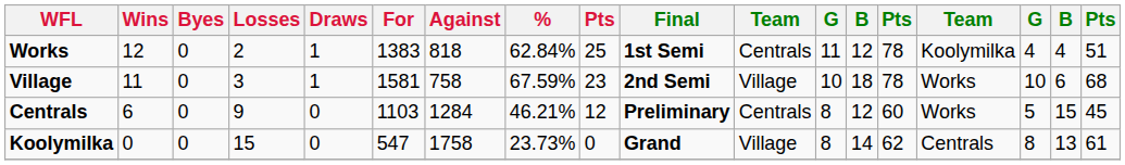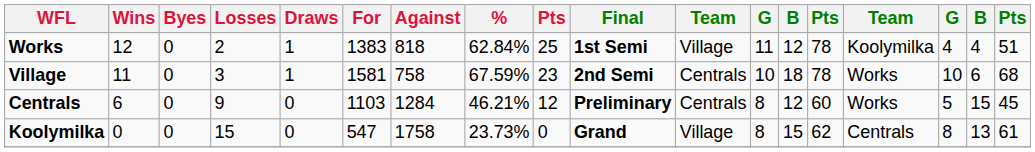 <table class="wikitable">
 <tr>
 <th style="color:crimson">WFL</th>
 <th style="color:crimson">Wins</th>
 <th style="color:crimson">Byes</th>
 <th style="color:crimson">Losses</th>
 <th style="color:crimson">Draws</th>
 <th style="color:crimson">For</th>
 <th style="color:crimson">Against</th>
 <th style="color:crimson">%</th>
 <th style="color:crimson">Pts</th>
 <th style="color:green">Final</th>
 <th style="color:green">Team</th>
 <th style="color:green">G</th>
 <th style="color:green">B</th>
 <th style="color:green">Pts</th>
 <th style="color:green">Team</th>
 <th style="color:green">G</th>
 <th style="color:green">B</th>
 <th style="color:green">Pts</th>
 </tr>
 <tr>
 <td><strong>	Works	</strong></td>
 <td>12</td>
 <td>0</td>
 <td>2</td>
 <td>1</td>
 <td>1383</td>
 <td>818</td>
 <td>62.84%</td>
 <td>25</td>
 <td><strong>1st Semi</strong></td>
-<td>Centrals</td>
+<td>Village</td>
 <td>11</td>
 <td>12</td>
 <td>78</td>
 <td>Koolymilka</td>
 <td>4</td>
 <td>4</td>
 <td>51</td>
 </tr>
 <tr>
 <td><strong>	Village	</strong></td>
 <td>11</td>
 <td>0</td>
 <td>3</td>
 <td>1</td>
 <td>1581</td>
 <td>758</td>
 <td>67.59%</td>
 <td>23</td>
 <td><strong>2nd Semi</strong></td>
-<td>Village</td>
+<td>Centrals</td>
 <td>10</td>
 <td>18</td>
 <td>78</td>
 <td>Works</td>
 <td>10</td>
 <td>6</td>
 <td>68</td>
 </tr>
 <tr>
 <td><strong>	Centrals	</strong></td>
 <td>6</td>
 <td>0</td>
 <td>9</td>
 <td>0</td>
 <td>1103</td>
 <td>1284</td>
 <td>46.21%</td>
 <td>12</td>
 <td><strong>Preliminary</strong></td>
 <td>Centrals</td>
 <td>8</td>
 <td>12</td>
 <td>60</td>
 <td>Works</td>
 <td>5</td>
 <td>15</td>
 <td>45</td>
 </tr>
 <tr>
 <td><strong>	Koolymilka	</strong></td>
 <td>0</td>
 <td>0</td>
 <td>15</td>
 <td>0</td>
 <td>547</td>
 <td>1758</td>
 <td>23.73%</td>
 <td>0</td>
 <td><strong>Grand</strong></td>
 <td>Village</td>
 <td>8</td>
-<td>14</td>
+<td>15</td>
 <td>62</td>
 <td>Centrals</td>
 <td>8</td>
 <td>13</td>
 <td>61</td>
 </tr>
 <tr>
 </tr>
 </table>
